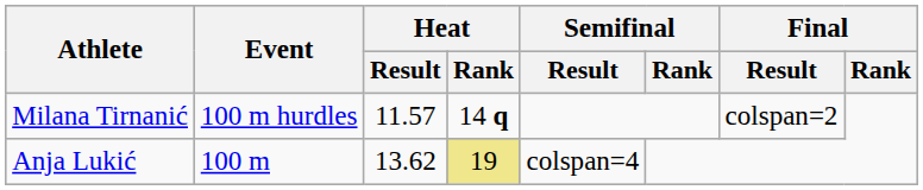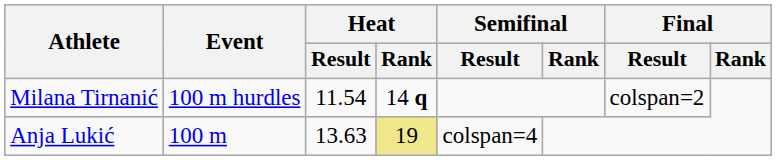 <table class="wikitable" style="font-size:90%">
 <tr>
 <th rowspan="2">Athlete</th>
 <th rowspan="2">Event</th>
 <th colspan="2">Heat</th>
 <th colspan="2">Semifinal</th>
 <th colspan="2">Final</th>
 </tr>
 <tr style="font-size:95%">
 <th>Result</th>
 <th>Rank</th>
 <th>Result</th>
 <th>Rank</th>
 <th>Result</th>
 <th>Rank</th>
 </tr>
 <tr align=center>
 <td align=left><a href='#'>Milana Tirnanić </a></td>
 <td align=left><a href='#'>100 m hurdles</a></td>
-<td>11.57</td>
+<td>11.54</td>
 <td>14 <strong>q</strong></td>
 <td colspan=2></td>
 <td>colspan=2 </td>
 </tr>
 <tr align=center>
 <td align=left><a href='#'>Anja Lukić</a></td>
 <td align=left><a href='#'>100 m</a></td>
-<td>13.62</td>
+<td>13.63</td>
 <td style="background: khaki;">19</td>
 <td>colspan=4 </td>
 </tr>
 </table>
